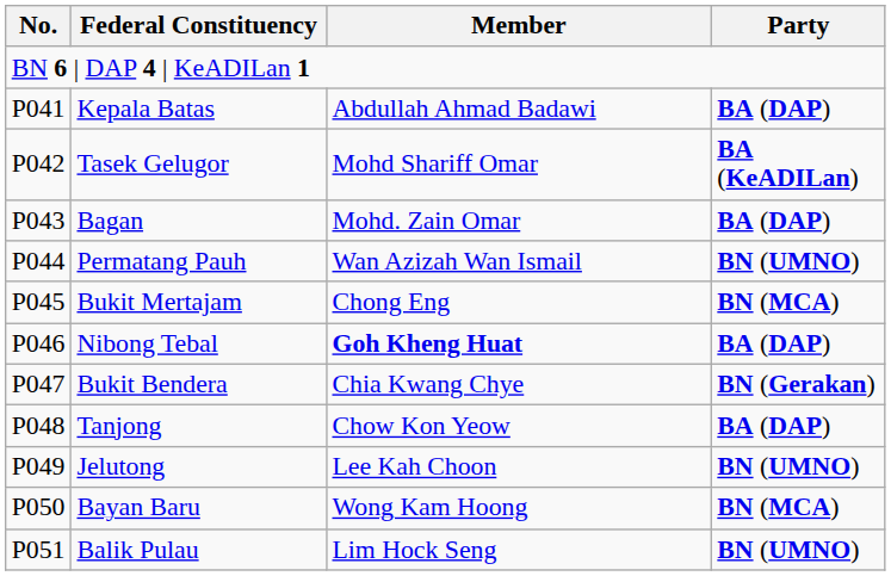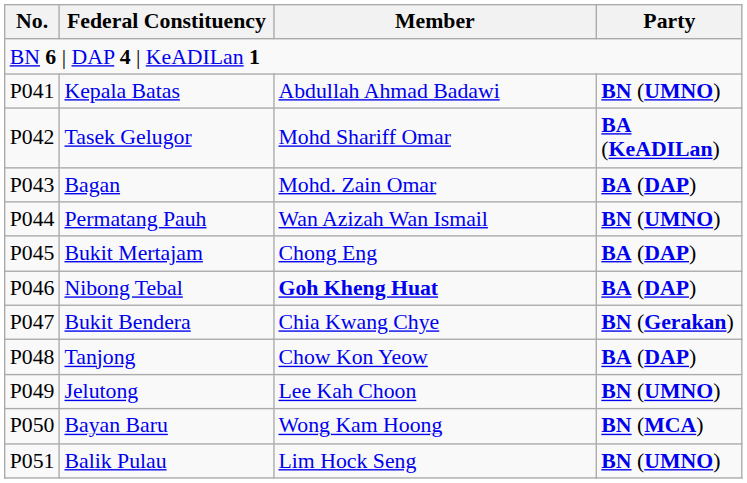 <table class="wikitable sortable">
 <tr>
 <th style="width:30px;">No.</th>
 <th style="width:150px;">Federal Constituency</th>
 <th style="width:230px;">Member</th>
 <th style="width:100px;">Party</th>
 </tr>
 <tr>
 <td colspan="4"><a href='#'>BN</a> <strong>6</strong> | <a href='#'>DAP</a> <strong>4</strong> | <a href='#'>KeADILan</a> <strong>1</strong></td>
 </tr>
 <tr>
 <td>P041</td>
 <td><a href='#'>Kepala Batas</a></td>
 <td><a href='#'>Abdullah Ahmad Badawi</a></td>
-<td><strong><a href='#'>BA</a></strong> (<strong><a href='#'>DAP</a></strong>)</td>
+<td><strong><a href='#'>BN</a></strong> (<strong><a href='#'>UMNO</a></strong>)</td>
 </tr>
 <tr>
 <td>P042</td>
 <td><a href='#'>Tasek Gelugor</a></td>
 <td><a href='#'>Mohd Shariff Omar</a></td>
 <td><strong><a href='#'>BA</a></strong> (<strong><a href='#'>KeADILan</a></strong>)</td>
 </tr>
 <tr>
 <td>P043</td>
 <td><a href='#'>Bagan</a></td>
 <td><a href='#'>Mohd. Zain Omar</a></td>
 <td><strong><a href='#'>BA</a></strong> (<strong><a href='#'>DAP</a></strong>)</td>
 </tr>
 <tr>
 <td>P044</td>
 <td><a href='#'>Permatang Pauh</a></td>
 <td><a href='#'>Wan Azizah Wan Ismail</a></td>
 <td><strong><a href='#'>BN</a></strong> (<strong><a href='#'>UMNO</a></strong>)</td>
 </tr>
 <tr>
 <td>P045</td>
 <td><a href='#'>Bukit Mertajam</a></td>
 <td><a href='#'>Chong Eng</a></td>
-<td><strong><a href='#'>BN</a></strong> (<strong><a href='#'>MCA</a></strong>)</td>
+<td><strong><a href='#'>BA</a></strong> (<strong><a href='#'>DAP</a></strong>)</td>
 </tr>
 <tr>
 <td>P046</td>
 <td><a href='#'>Nibong Tebal</a></td>
 <td><strong><a href='#'>Goh Kheng Huat</a></strong></td>
 <td><strong><a href='#'>BA</a></strong> (<strong><a href='#'>DAP</a></strong>)</td>
 </tr>
 <tr>
 <td>P047</td>
 <td><a href='#'>Bukit Bendera</a></td>
 <td><a href='#'>Chia Kwang Chye</a></td>
 <td><strong><a href='#'>BN</a></strong> (<strong><a href='#'>Gerakan</a></strong>)</td>
 </tr>
 <tr>
 <td>P048</td>
 <td><a href='#'>Tanjong</a></td>
 <td><a href='#'>Chow Kon Yeow</a></td>
 <td><strong><a href='#'>BA</a></strong> (<strong><a href='#'>DAP</a></strong>)</td>
 </tr>
 <tr>
 <td>P049</td>
 <td><a href='#'>Jelutong</a></td>
 <td><a href='#'>Lee Kah Choon</a></td>
 <td><strong><a href='#'>BN</a></strong> (<strong><a href='#'>UMNO</a></strong>)</td>
 </tr>
 <tr>
 <td>P050</td>
 <td><a href='#'>Bayan Baru</a></td>
 <td><a href='#'>Wong Kam Hoong</a></td>
 <td><strong><a href='#'>BN</a></strong> (<strong><a href='#'>MCA</a></strong>)</td>
 </tr>
 <tr>
 <td>P051</td>
 <td><a href='#'>Balik Pulau</a></td>
 <td><a href='#'>Lim Hock Seng</a></td>
 <td><strong><a href='#'>BN</a></strong> (<strong><a href='#'>UMNO</a></strong>)</td>
 </tr>
 </table>
